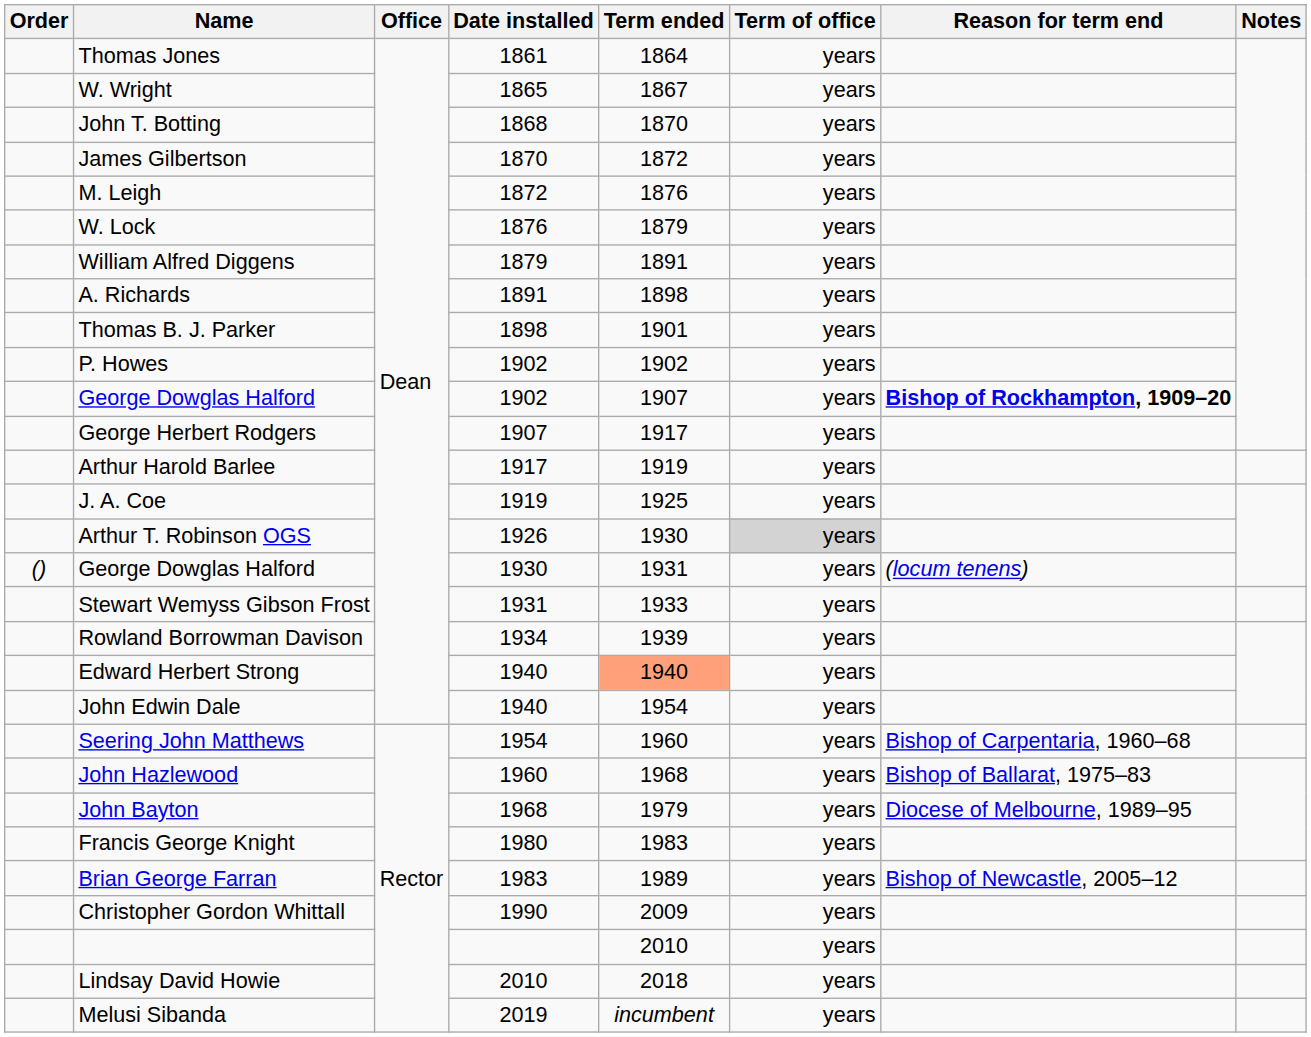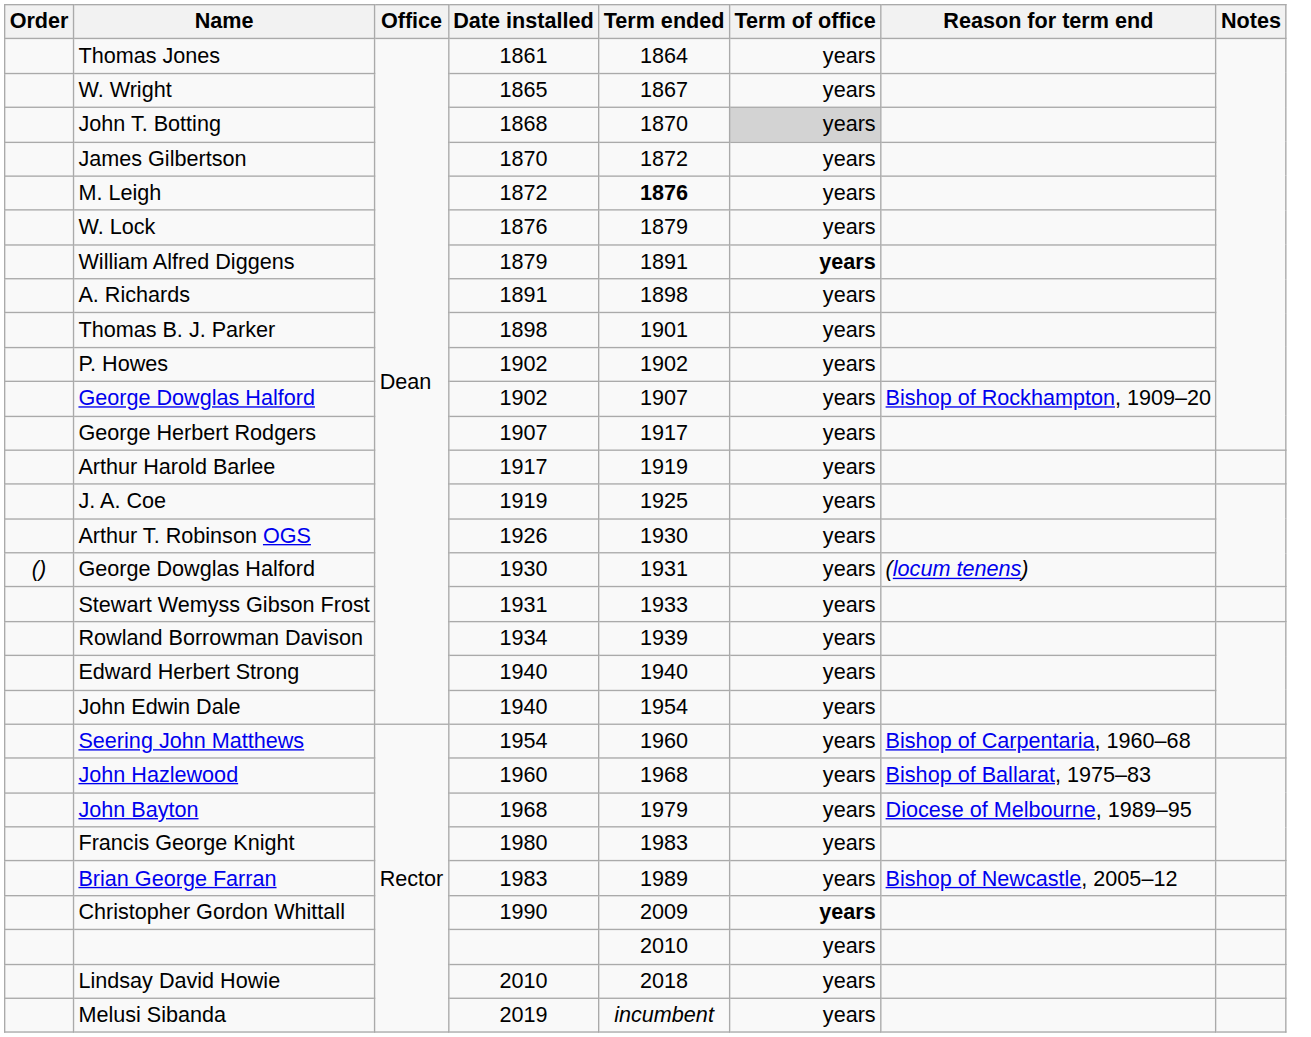 <table class="wikitable sortable">
 <tr>
 <th>Order</th>
 <th>Name</th>
 <th>Office</th>
 <th>Date installed</th>
 <th>Term ended</th>
 <th>Term of office</th>
 <th>Reason for term end</th>
 <th>Notes</th>
 </tr>
 <tr>
 <td align=center></td>
 <td>Thomas Jones</td>
 <td rowspan=20>Dean</td>
 <td align=center>1861</td>
 <td align=center>1864</td>
 <td align=right> years</td>
 <td></td>
 <td rowspan=12></td>
 </tr>
 <tr>
 <td align=center></td>
 <td>W. Wright</td>
 <td align=center>1865</td>
 <td align=center>1867</td>
 <td align=right> years</td>
 <td></td>
 </tr>
 <tr>
 <td align=center></td>
 <td>John T. Botting</td>
 <td align=center>1868</td>
 <td align=center>1870</td>
-<td align=right> years</td>
+<td align=right style="background: lightgrey;"> years</td>
 <td></td>
 </tr>
 <tr>
 <td align=center></td>
 <td>James Gilbertson</td>
 <td align=center>1870</td>
 <td align=center>1872</td>
 <td align=right> years</td>
 <td></td>
 </tr>
 <tr>
 <td align=center></td>
 <td>M. Leigh</td>
 <td align=center>1872</td>
-<td align=center>1876</td>
+<td align=center><strong>1876</strong></td>
 <td align=right> years</td>
 <td></td>
 </tr>
 <tr>
 <td align=center></td>
 <td>W. Lock</td>
 <td align=center>1876</td>
 <td align=center>1879</td>
 <td align=right> years</td>
 <td></td>
 </tr>
 <tr>
 <td align=center></td>
 <td>William Alfred Diggens</td>
 <td align=center>1879</td>
 <td align=center>1891</td>
-<td align=right> years</td>
+<td align=right><strong> years</strong></td>
 <td></td>
 </tr>
 <tr>
 <td align=center></td>
 <td>A. Richards</td>
 <td align=center>1891</td>
 <td align=center>1898</td>
 <td align=right> years</td>
 <td></td>
 </tr>
 <tr>
 <td align=center></td>
 <td>Thomas B. J. Parker</td>
 <td align=center>1898</td>
 <td align=center>1901</td>
 <td align=right> years</td>
 <td></td>
 </tr>
 <tr>
 <td align=center></td>
 <td>P. Howes</td>
 <td align=center>1902</td>
 <td align=center>1902</td>
 <td align=right> years</td>
 <td></td>
 </tr>
 <tr>
 <td align=center></td>
 <td><a href='#'>George Dowglas Halford</a></td>
 <td align=center>1902</td>
 <td align=center>1907</td>
 <td align=right> years</td>
-<td><strong><a href='#'>Bishop of Rockhampton</a>, 1909–20</strong></td>
+<td><a href='#'>Bishop of Rockhampton</a>, 1909–20</td>
 </tr>
 <tr>
 <td align=center></td>
 <td>George Herbert Rodgers</td>
 <td align=center>1907</td>
 <td align=center>1917</td>
 <td align=right> years</td>
 <td></td>
 </tr>
 <tr>
 <td align=center></td>
 <td>Arthur Harold Barlee</td>
 <td align=center>1917</td>
 <td align=center>1919</td>
 <td align=right> years</td>
 <td></td>
 <td></td>
 </tr>
 <tr>
 <td align=center></td>
 <td>J. A. Coe</td>
 <td align=center>1919</td>
 <td align=center>1925</td>
 <td align=right> years</td>
 <td></td>
 <td rowspan=3></td>
 </tr>
 <tr>
 <td align=center></td>
 <td>Arthur T. Robinson <a href='#'>OGS</a></td>
 <td align=center>1926</td>
 <td align=center>1930</td>
-<td align=right style="background: lightgrey;"> years</td>
+<td align=right> years</td>
 <td></td>
 </tr>
 <tr>
 <td align=center><em>()</em></td>
 <td>George Dowglas Halford</td>
 <td align=center>1930</td>
 <td align=center>1931</td>
 <td align=right> years</td>
 <td><em>(<a href='#'>locum tenens</a>)</em></td>
 </tr>
 <tr>
 <td align=center></td>
 <td>Stewart Wemyss Gibson Frost</td>
 <td align=center>1931</td>
 <td align=center>1933</td>
 <td align=right> years</td>
 <td></td>
 <td></td>
 </tr>
 <tr>
 <td align=center></td>
 <td>Rowland Borrowman Davison</td>
 <td align=center>1934</td>
 <td align=center>1939</td>
 <td align=right> years</td>
 <td></td>
 <td rowspan=3></td>
 </tr>
 <tr>
 <td align=center></td>
 <td>Edward Herbert Strong</td>
 <td align=center>1940</td>
-<td align=center style="background: lightsalmon;">1940</td>
+<td align=center>1940</td>
 <td align=right> years</td>
 <td></td>
 </tr>
 <tr>
 <td align=center></td>
 <td>John Edwin Dale</td>
 <td align=center>1940</td>
 <td align=center>1954</td>
 <td align=right> years</td>
 <td></td>
 </tr>
 <tr>
 <td align=center></td>
 <td><a href='#'>Seering John Matthews</a></td>
 <td rowspan=10>Rector</td>
 <td align=center>1954</td>
 <td align=center>1960</td>
 <td align=right> years</td>
 <td><a href='#'>Bishop of Carpentaria</a>, 1960–68</td>
 <td></td>
 </tr>
 <tr>
 <td align=center></td>
 <td><a href='#'>John Hazlewood</a></td>
 <td align=center>1960</td>
 <td align=center>1968</td>
 <td align=right> years</td>
 <td><a href='#'>Bishop of Ballarat</a>, 1975–83</td>
 <td rowspan=3></td>
 </tr>
 <tr>
 <td align=center></td>
 <td><a href='#'>John Bayton</a></td>
 <td align=center>1968</td>
 <td align=center>1979</td>
 <td align=right> years</td>
 <td><a href='#'>Diocese of Melbourne</a>, 1989–95</td>
 </tr>
 <tr>
 <td align=center></td>
 <td>Francis George Knight</td>
 <td align=center>1980</td>
 <td align=center>1983</td>
 <td align=right> years</td>
 <td></td>
 </tr>
 <tr>
 <td align=center></td>
 <td><a href='#'>Brian George Farran</a></td>
 <td align=center>1983</td>
 <td align=center>1989</td>
 <td align=right> years</td>
 <td><a href='#'>Bishop of Newcastle</a>, 2005–12</td>
 <td></td>
 </tr>
 <tr>
 <td align=center></td>
 <td>Christopher Gordon Whittall</td>
 <td align=center>1990</td>
 <td align=center>2009</td>
-<td align=right> years</td>
+<td align=right><strong> years</strong></td>
 <td></td>
 <td></td>
 </tr>
 <tr>
 <td align=center></td>
 <td></td>
 <td align=center></td>
 <td align=center>2010</td>
 <td align=right> years</td>
 <td></td>
 <td></td>
 </tr>
 <tr>
 <td align=center></td>
 <td>Lindsay David Howie</td>
 <td align=center>2010</td>
 <td align=center>2018</td>
 <td align=right> years</td>
 <td></td>
 <td></td>
 </tr>
 <tr>
 <td align=center></td>
 <td>Melusi Sibanda</td>
 <td align=center>2019</td>
 <td align=center><em>incumbent</em></td>
 <td align=right> years</td>
 <td></td>
 <td></td>
 </tr>
 </table>
